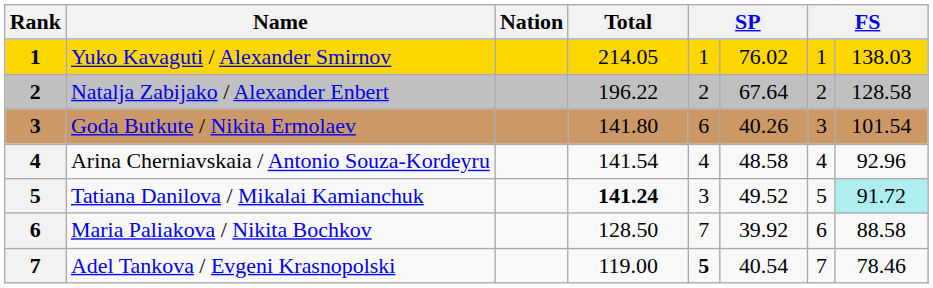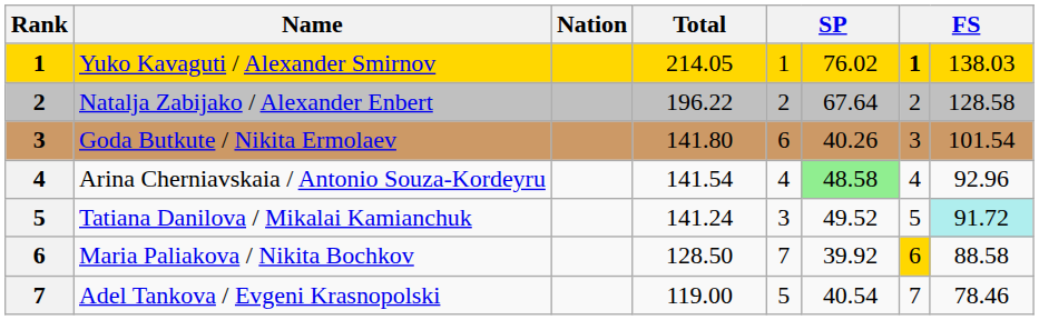 <table class="wikitable sortable">
 <tr>
 <th>Rank</th>
 <th>Name</th>
 <th>Nation</th>
 <th width="80px">Total</th>
 <th colspan="2" width="80px"><a href='#'>SP</a></th>
 <th colspan="2" width="80px"><a href='#'>FS</a></th>
 </tr>
 <tr bgcolor="gold">
 <td align="center"><strong>1</strong></td>
 <td><a href='#'>Yuko Kavaguti</a> / <a href='#'>Alexander Smirnov</a></td>
 <td></td>
 <td align="center">214.05</td>
 <td align="center">1</td>
 <td align="center">76.02</td>
-<td align="center">1</td>
+<td align="center"><strong>1</strong></td>
 <td align="center">138.03</td>
 </tr>
 <tr bgcolor="silver">
 <td align="center"><strong>2</strong></td>
 <td><a href='#'>Natalja Zabijako</a> / <a href='#'>Alexander Enbert</a></td>
 <td></td>
 <td align="center">196.22</td>
 <td align="center">2</td>
 <td align="center">67.64</td>
 <td align="center">2</td>
 <td align="center">128.58</td>
 </tr>
 <tr bgcolor="cc9966">
 <td align="center"><strong>3</strong></td>
 <td><a href='#'>Goda Butkute</a> / <a href='#'>Nikita Ermolaev</a></td>
 <td></td>
 <td align="center">141.80</td>
 <td align="center">6</td>
 <td align="center">40.26</td>
 <td align="center">3</td>
 <td align="center">101.54</td>
 </tr>
 <tr>
 <th>4</th>
 <td>Arina Cherniavskaia / <a href='#'>Antonio Souza-Kordeyru</a></td>
 <td></td>
 <td align="center">141.54</td>
 <td align="center">4</td>
-<td align="center">48.58</td>
+<td align="center" style="background: lightgreen;">48.58</td>
 <td align="center">4</td>
 <td align="center">92.96</td>
 </tr>
 <tr>
 <th>5</th>
 <td><a href='#'>Tatiana Danilova</a> / <a href='#'>Mikalai Kamianchuk</a></td>
 <td></td>
-<td align="center"><strong>141.24</strong></td>
+<td align="center">141.24</td>
 <td align="center">3</td>
 <td align="center">49.52</td>
 <td align="center">5</td>
 <td align="center" style="background: paleturquoise;">91.72</td>
 </tr>
 <tr>
 <th>6</th>
 <td><a href='#'>Maria Paliakova</a> / <a href='#'>Nikita Bochkov</a></td>
 <td></td>
 <td align="center">128.50</td>
 <td align="center">7</td>
 <td align="center">39.92</td>
-<td align="center">6</td>
+<td align="center" style="background: gold;">6</td>
 <td align="center">88.58</td>
 </tr>
 <tr>
 <th>7</th>
 <td><a href='#'>Adel Tankova</a> / <a href='#'>Evgeni Krasnopolski</a></td>
 <td></td>
 <td align="center">119.00</td>
-<td align="center"><strong>5</strong></td>
+<td align="center">5</td>
 <td align="center">40.54</td>
 <td align="center">7</td>
 <td align="center">78.46</td>
 </tr>
 </table>
